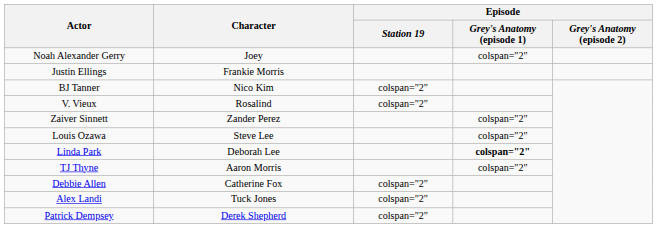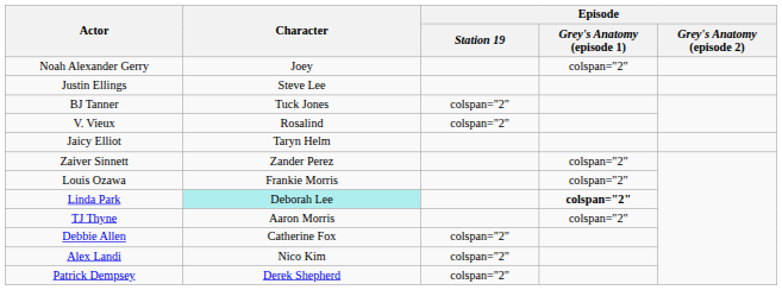 <table class="wikitable" style="width:65%; text-align:center;">
 <tr>
 <th scope="col" rowspan="2" width=15%>Actor</th>
 <th scope="col" rowspan="2" width=20%>Character</th>
 <th scope="col" colspan="3">Episode</th>
 </tr>
 <tr>
 <th scope="col" width=10%><em>Station 19</em></th>
 <th scope="col" width=10%><em>Grey's Anatomy</em> (episode 1)</th>
 <th scope="col" width=10%><em>Grey's Anatomy</em> (episode 2)</th>
 </tr>
 <tr>
 <td>Noah Alexander Gerry</td>
 <td>Joey</td>
 <td></td>
 <td>colspan="2" </td>
 </tr>
 <tr>
 <td>Justin Ellings</td>
-<td>Frankie Morris</td>
+<td>Steve Lee</td>
 <td></td>
 <td></td>
 <td></td>
 </tr>
 <tr>
 <td>BJ Tanner</td>
-<td>Nico Kim</td>
+<td>Tuck Jones</td>
 <td>colspan="2" </td>
 <td></td>
 </tr>
 <tr>
 <td>V. Vieux</td>
 <td>Rosalind</td>
 <td>colspan="2" </td>
 <td></td>
 </tr>
 <tr>
+<td>Jaicy Elliot</td>
+<td>Taryn Helm</td>
+<td></td>
+<td></td>
+<td></td>
+</tr>
+<tr>
 <td>Zaiver Sinnett</td>
 <td>Zander Perez</td>
 <td></td>
 <td>colspan="2" </td>
 </tr>
 <tr>
 <td>Louis Ozawa</td>
-<td>Steve Lee</td>
+<td>Frankie Morris</td>
 <td></td>
 <td>colspan="2" </td>
 </tr>
 <tr>
 <td><a href='#'>Linda Park</a></td>
-<td>Deborah Lee</td>
+<td style="background: paleturquoise;">Deborah Lee</td>
 <td></td>
 <td><strong>colspan="2" </strong></td>
 </tr>
 <tr>
 <td><a href='#'>TJ Thyne</a></td>
 <td>Aaron Morris</td>
 <td></td>
 <td>colspan="2" </td>
 </tr>
 <tr>
 <td><a href='#'>Debbie Allen</a></td>
 <td>Catherine Fox</td>
 <td>colspan="2" </td>
 <td></td>
 </tr>
 <tr>
 <td><a href='#'>Alex Landi</a></td>
-<td>Tuck Jones</td>
+<td>Nico Kim</td>
 <td>colspan="2" </td>
 <td></td>
 </tr>
 <tr>
 <td><a href='#'>Patrick Dempsey</a></td>
 <td><a href='#'>Derek Shepherd</a></td>
 <td>colspan="2" </td>
 <td></td>
 </tr>
 </table>
